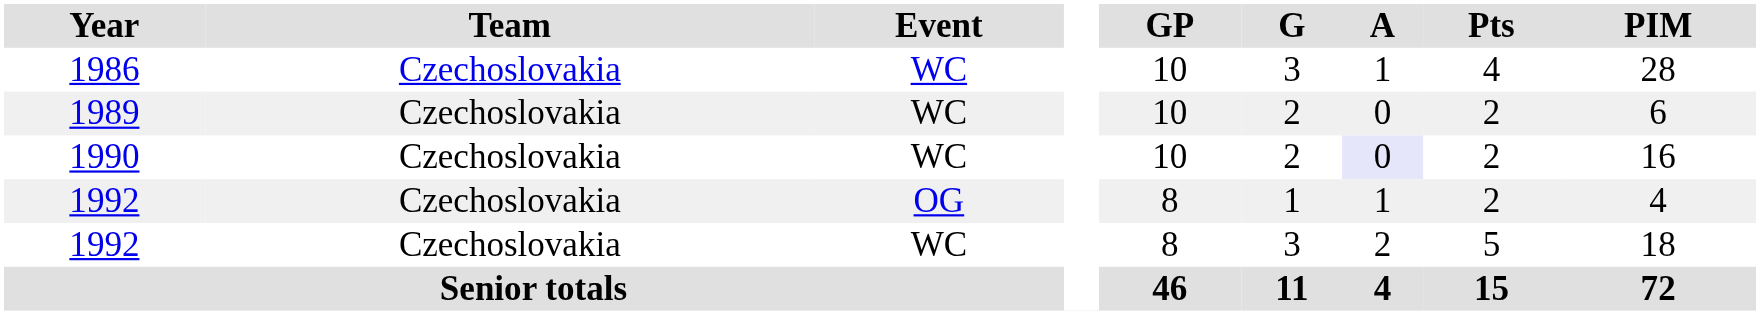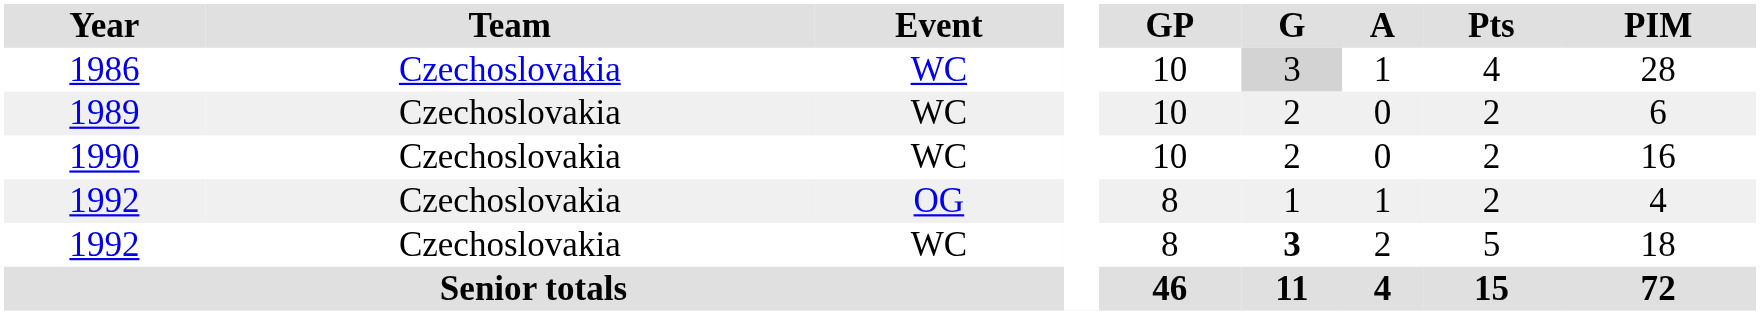 <table border="0" cellpadding="1" cellspacing="0" style="text-align:center; width:50em">
 <tr ALIGN="center" bgcolor="#e0e0e0">
 <th>Year</th>
 <th>Team</th>
 <th>Event</th>
 <th rowspan="99" bgcolor="#ffffff"> </th>
 <th>GP</th>
 <th>G</th>
 <th>A</th>
 <th>Pts</th>
 <th>PIM</th>
 </tr>
 <tr>
 <td><a href='#'>1986</a></td>
 <td><a href='#'>Czechoslovakia</a></td>
 <td><a href='#'>WC</a></td>
 <td>10</td>
-<td>3</td>
+<td style="background: lightgrey;">3</td>
 <td>1</td>
 <td>4</td>
 <td>28</td>
 </tr>
 <tr bgcolor="#f0f0f0">
 <td><a href='#'>1989</a></td>
 <td>Czechoslovakia</td>
 <td>WC</td>
 <td>10</td>
 <td>2</td>
 <td>0</td>
 <td>2</td>
 <td>6</td>
 </tr>
 <tr>
 <td><a href='#'>1990</a></td>
 <td>Czechoslovakia</td>
 <td>WC</td>
 <td>10</td>
 <td>2</td>
-<td style="background: lavender;">0</td>
+<td>0</td>
 <td>2</td>
 <td>16</td>
 </tr>
 <tr bgcolor="#f0f0f0">
 <td><a href='#'>1992</a></td>
 <td>Czechoslovakia</td>
 <td><a href='#'>OG</a></td>
 <td>8</td>
 <td>1</td>
 <td>1</td>
 <td>2</td>
 <td>4</td>
 </tr>
 <tr>
 <td><a href='#'>1992</a></td>
 <td>Czechoslovakia</td>
 <td>WC</td>
 <td>8</td>
-<td>3</td>
+<td><strong>3</strong></td>
 <td>2</td>
 <td>5</td>
 <td>18</td>
 </tr>
 <tr bgcolor="#e0e0e0">
 <th colspan=3>Senior totals</th>
 <th>46</th>
 <th>11</th>
 <th>4</th>
 <th>15</th>
 <th>72</th>
 </tr>
 </table>
